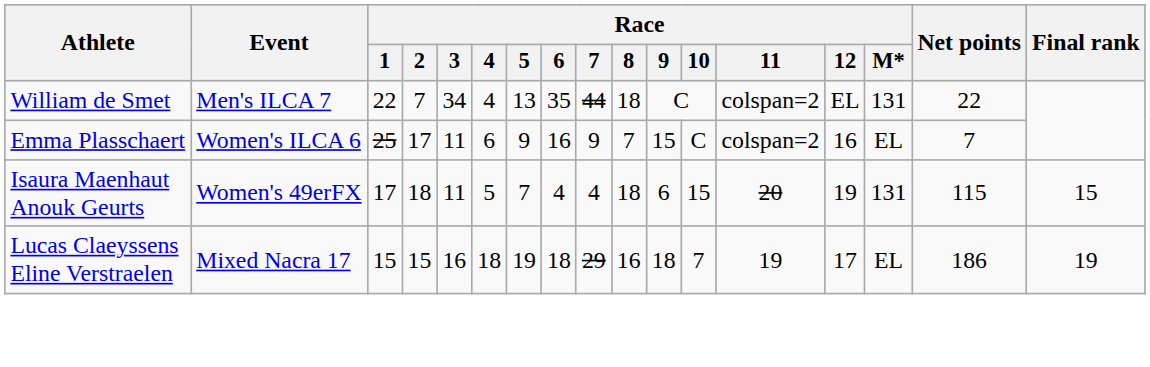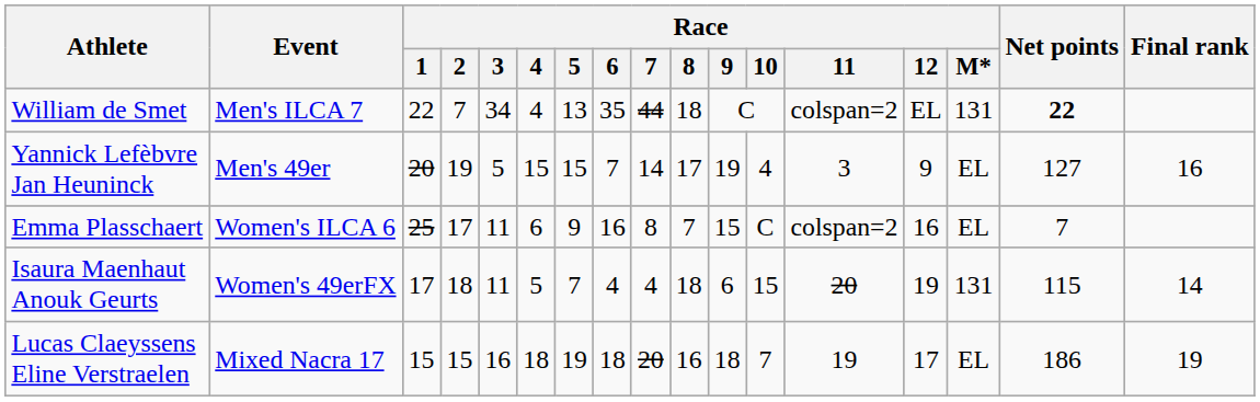 <table class="wikitable" style="font-size:90%">
 <tr>
 <th rowspan="2">Athlete</th>
 <th rowspan="2">Event</th>
 <th colspan=13>Race</th>
 <th rowspan=2>Net points</th>
 <th rowspan=2>Final rank</th>
 </tr>
 <tr style="font-size:95%">
 <th>1</th>
 <th>2</th>
 <th>3</th>
 <th>4</th>
 <th>5</th>
 <th>6</th>
 <th>7</th>
 <th>8</th>
 <th>9</th>
 <th>10</th>
 <th>11</th>
 <th>12</th>
 <th>M*</th>
 </tr>
 <tr align=center>
 <td align=left><a href='#'>William de Smet</a></td>
 <td align=left><a href='#'>Men's ILCA 7</a></td>
 <td>22</td>
 <td>7</td>
 <td>34</td>
 <td>4</td>
 <td>13</td>
 <td>35</td>
 <td><s>44</s></td>
 <td>18</td>
 <td colspan=2>C</td>
 <td>colspan=2 </td>
 <td>EL</td>
 <td>131</td>
-<td>22</td>
+<td><strong>22</strong></td>
+</tr>
+<tr align=center>
+<td align=left><a href='#'>Yannick Lefèbvre</a><br><a href='#'>Jan Heuninck</a></td>
+<td align=left><a href='#'>Men's 49er</a></td>
+<td><s>20</s></td>
+<td>19</td>
+<td>5</td>
+<td>15</td>
+<td>15</td>
+<td>7</td>
+<td>14</td>
+<td>17</td>
+<td>19</td>
+<td>4</td>
+<td>3</td>
+<td>9</td>
+<td>EL</td>
+<td>127</td>
+<td>16</td>
 </tr>
 <tr align=center>
 <td align=left><a href='#'>Emma Plasschaert</a></td>
 <td align=left><a href='#'>Women's ILCA 6</a></td>
 <td><s>25</s></td>
 <td>17</td>
 <td>11</td>
 <td>6</td>
 <td>9</td>
 <td>16</td>
-<td>9</td>
+<td>8</td>
 <td>7</td>
 <td>15</td>
 <td>C</td>
 <td>colspan=2 </td>
 <td>16</td>
 <td>EL</td>
 <td>7</td>
 </tr>
 <tr align=center>
 <td align=left><a href='#'>Isaura Maenhaut</a><br><a href='#'>Anouk Geurts</a></td>
 <td align=left><a href='#'>Women's 49erFX</a></td>
 <td>17</td>
 <td>18</td>
 <td>11</td>
 <td>5</td>
 <td>7</td>
 <td>4</td>
 <td>4</td>
 <td>18</td>
 <td>6</td>
 <td>15</td>
 <td><s>20</s></td>
 <td>19</td>
 <td>131</td>
 <td>115</td>
-<td>15</td>
+<td>14</td>
 </tr>
 <tr align=center>
 <td align=left><a href='#'>Lucas Claeyssens</a><br><a href='#'>Eline Verstraelen</a></td>
 <td align=left><a href='#'>Mixed Nacra 17</a></td>
 <td>15</td>
 <td>15</td>
 <td>16</td>
 <td>18</td>
 <td>19</td>
 <td>18</td>
-<td><s>29</s></td>
+<td><s>20</s></td>
 <td>16</td>
 <td>18</td>
 <td>7</td>
 <td>19</td>
 <td>17</td>
 <td>EL</td>
 <td>186</td>
 <td>19</td>
 </tr>
 </table>
